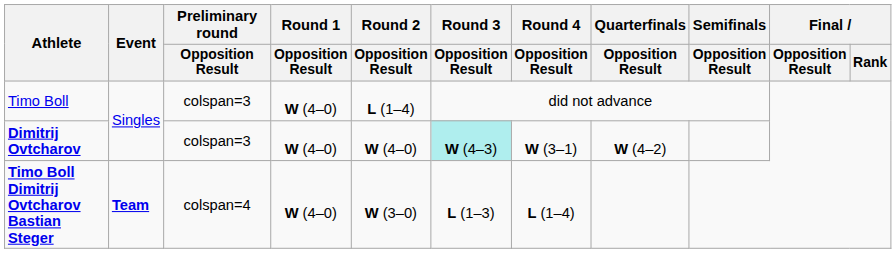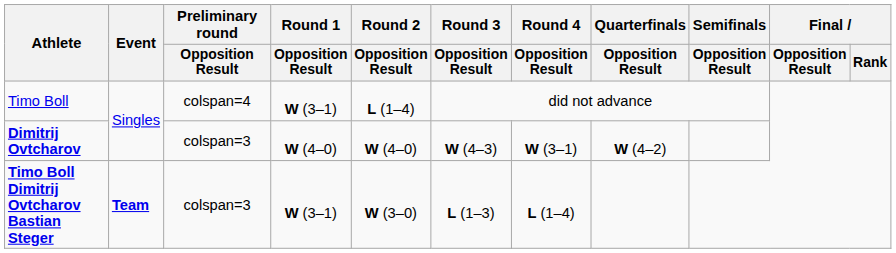 <table class="wikitable" style="font-size:90%">
 <tr>
 <th rowspan=2>Athlete</th>
 <th rowspan=2>Event</th>
 <th>Preliminary round</th>
 <th>Round 1</th>
 <th>Round 2</th>
 <th>Round 3</th>
 <th>Round 4</th>
 <th>Quarterfinals</th>
 <th>Semifinals</th>
 <th colspan=2>Final / </th>
 </tr>
 <tr style="font-size:95%">
 <th>Opposition<br>Result</th>
 <th>Opposition<br>Result</th>
 <th>Opposition<br>Result</th>
 <th>Opposition<br>Result</th>
 <th>Opposition<br>Result</th>
 <th>Opposition<br>Result</th>
 <th>Opposition<br>Result</th>
 <th>Opposition<br>Result</th>
 <th>Rank</th>
 </tr>
 <tr align=center>
 <td align=left><a href='#'>Timo Boll</a></td>
 <td align=left rowspan=2><a href='#'>Singles</a></td>
-<td>colspan=3 </td>
-<td><br><strong>W</strong> (4–0)</td>
+<td>colspan=4 </td>
+<td><br><strong>W</strong> (3–1)</td>
 <td><br><strong>L</strong> (1–4)</td>
 <td colspan=4>did not advance</td>
 </tr>
 <tr align=center>
 <td align=left><strong><a href='#'>Dimitrij Ovtcharov</a></strong></td>
 <td>colspan=3 </td>
 <td><br><strong>W</strong> (4–0)</td>
 <td><br><strong>W</strong> (4–0)</td>
-<td style="background: paleturquoise;"><br><strong>W</strong> (4–3)</td>
+<td><br><strong>W</strong> (4–3)</td>
 <td><br><strong>W</strong> (3–1)</td>
 <td> <br><strong>W</strong> (4–2)</td>
 <td></td>
 </tr>
 <tr align=center>
 <td align=left><strong><a href='#'>Timo Boll</a><br><a href='#'>Dimitrij Ovtcharov</a><br><a href='#'>Bastian Steger</a></strong></td>
 <td align=left><strong><a href='#'>Team</a></strong></td>
-<td>colspan=4 </td>
-<td><br><strong>W</strong> (4–0)</td>
+<td>colspan=3 </td>
+<td><br><strong>W</strong> (3–1)</td>
 <td><br><strong>W</strong> (3–0)</td>
 <td><br><strong>L</strong> (1–3)</td>
 <td><br><strong>L</strong> (1–4)</td>
 <td></td>
 </tr>
 </table>
